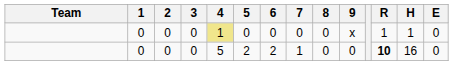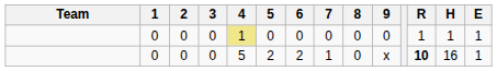 <table border=1 cellspacing=0 width=600 style="margin-left:3em;" class="wikitable">
 <tr style="text-align:center; background-color:#e6e6e6;">
 <th align=left width=28%>Team</th>
 <th width=6%>1</th>
 <th width=6%>2</th>
 <th width=6%>3</th>
 <th width=6%>4</th>
 <th width=6%>5</th>
 <th width=6%>6</th>
 <th width=6%>7</th>
 <th width=6%>8</th>
 <th width=6%>9</th>
 <th rowspan="3" width=0.5%></th>
 <th width=6%>R</th>
 <th width=6%>H</th>
 <th width=6%>E</th>
 </tr>
 <tr style="text-align:center;">
 <td align=left></td>
 <td>0</td>
 <td>0</td>
 <td>0</td>
 <td style="background: khaki;">1</td>
 <td>0</td>
 <td>0</td>
 <td>0</td>
 <td>0</td>
-<td>x</td>
+<td>0</td>
 <td>1</td>
 <td>1</td>
-<td>0</td>
+<td>1</td>
 </tr>
 <tr style="text-align:center;">
 <td align=left></td>
 <td>0</td>
 <td>0</td>
 <td>0</td>
 <td>5</td>
 <td>2</td>
 <td>2</td>
 <td>1</td>
 <td>0</td>
-<td>0</td>
+<td>x</td>
 <td><strong>10</strong></td>
 <td>16</td>
-<td>0</td>
+<td>1</td>
 </tr>
 </table>
